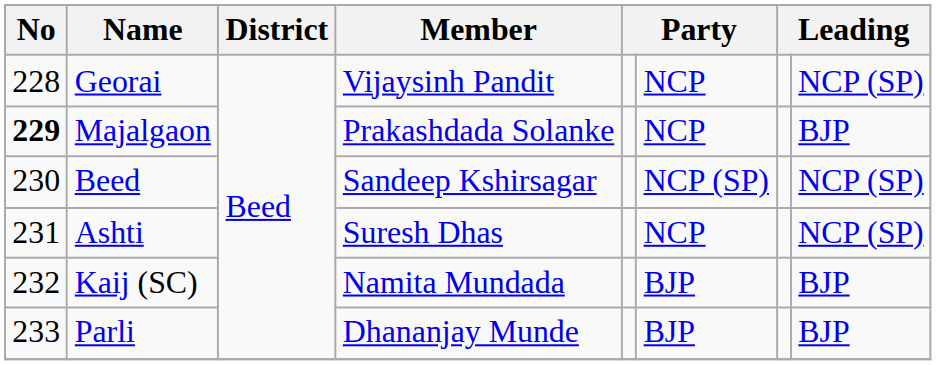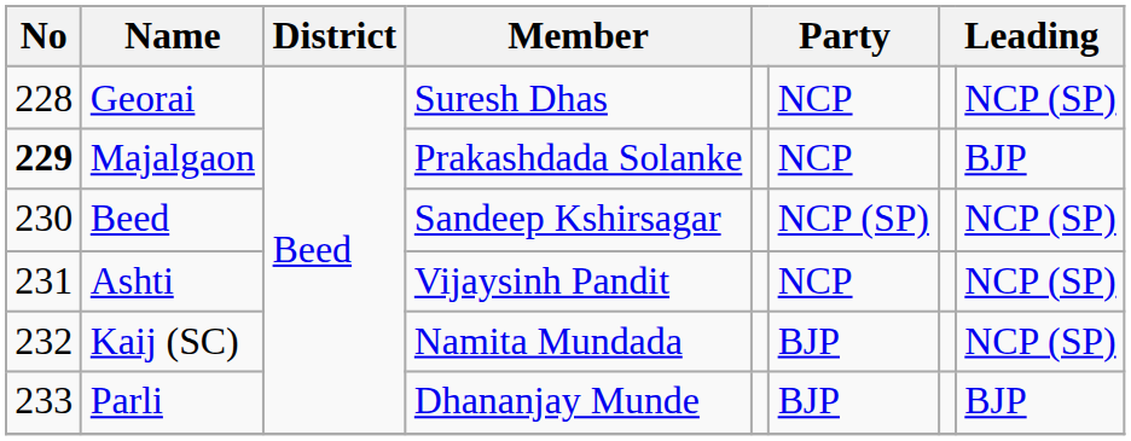 <table class="wikitable">
 <tr>
 <th>No</th>
 <th>Name</th>
 <th>District</th>
 <th>Member</th>
 <th colspan="2">Party</th>
 <th colspan=2>Leading<br></th>
 </tr>
 <tr>
 <td>228</td>
 <td><a href='#'>Georai</a></td>
 <td rowspan="6"><a href='#'>Beed</a></td>
-<td><a href='#'>Vijaysinh Pandit</a></td>
+<td><a href='#'>Suresh Dhas</a></td>
 <td style="background-color: "></td>
 <td><a href='#'>NCP</a></td>
 <td style="background-color: "></td>
 <td><a href='#'>NCP (SP)</a></td>
 </tr>
 <tr>
 <td><strong>229</strong></td>
 <td><a href='#'>Majalgaon</a></td>
 <td><a href='#'>Prakashdada Solanke</a></td>
 <td style="background-color: "></td>
 <td><a href='#'>NCP</a></td>
 <td style="background-color: "></td>
 <td><a href='#'>BJP</a></td>
 </tr>
 <tr>
 <td>230</td>
 <td><a href='#'>Beed</a></td>
 <td><a href='#'>Sandeep Kshirsagar</a></td>
 <td style="background-color: "></td>
 <td><a href='#'>NCP (SP)</a></td>
 <td style="background-color: "></td>
 <td><a href='#'>NCP (SP)</a></td>
 </tr>
 <tr>
 <td>231</td>
 <td><a href='#'>Ashti</a></td>
-<td><a href='#'>Suresh Dhas</a></td>
+<td><a href='#'>Vijaysinh Pandit</a></td>
 <td style="background-color: "></td>
 <td><a href='#'>NCP</a></td>
 <td style="background-color: "></td>
 <td><a href='#'>NCP (SP)</a></td>
 </tr>
 <tr>
 <td>232</td>
 <td><a href='#'>Kaij</a> (SC)</td>
 <td><a href='#'>Namita Mundada</a></td>
 <td style="background-color: "></td>
 <td><a href='#'>BJP</a></td>
 <td style="background-color: "></td>
-<td><a href='#'>BJP</a></td>
+<td><a href='#'>NCP (SP)</a></td>
 </tr>
 <tr>
 <td>233</td>
 <td><a href='#'>Parli</a></td>
 <td><a href='#'>Dhananjay Munde</a></td>
 <td style="background-color: "></td>
 <td><a href='#'>BJP</a></td>
 <td style="background-color: "></td>
 <td><a href='#'>BJP</a></td>
 </tr>
 <tr>
 </tr>
 </table>
